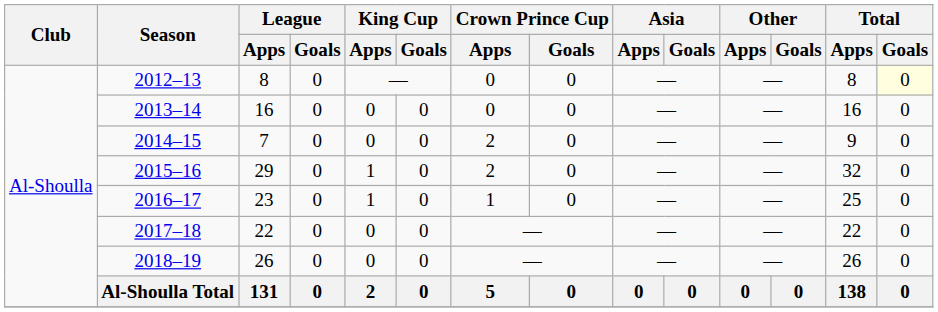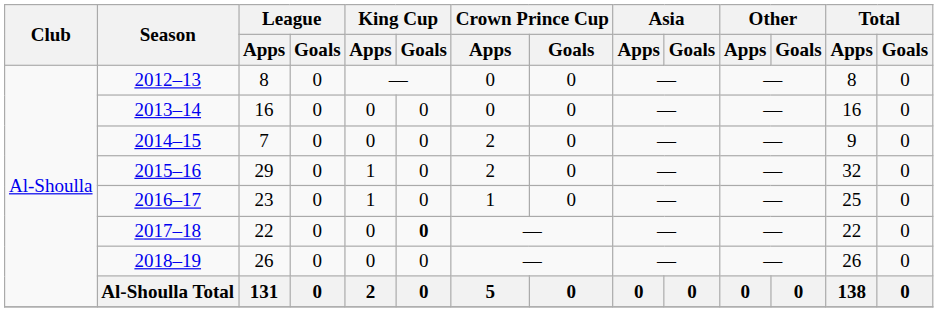 <table class="wikitable" style="text-align: center">
 <tr>
 <th rowspan=2>Club</th>
 <th rowspan=2>Season</th>
 <th colspan=2>League</th>
 <th colspan=2>King Cup</th>
 <th colspan=2>Crown Prince Cup</th>
 <th colspan=2>Asia</th>
 <th colspan=2>Other</th>
 <th colspan=2>Total</th>
 </tr>
 <tr>
 <th>Apps</th>
 <th>Goals</th>
 <th>Apps</th>
 <th>Goals</th>
 <th>Apps</th>
 <th>Goals</th>
 <th>Apps</th>
 <th>Goals</th>
 <th>Apps</th>
 <th>Goals</th>
 <th>Apps</th>
 <th>Goals</th>
 </tr>
 <tr>
 <td rowspan=8><a href='#'>Al-Shoulla</a></td>
 <td><a href='#'>2012–13</a></td>
 <td>8</td>
 <td>0</td>
 <td colspan=2>—</td>
 <td>0</td>
 <td>0</td>
 <td colspan=2>—</td>
 <td colspan=2>—</td>
 <td>8</td>
-<td style="background: lightyellow;">0</td>
+<td>0</td>
 </tr>
 <tr>
 <td><a href='#'>2013–14</a></td>
 <td>16</td>
 <td>0</td>
 <td>0</td>
 <td>0</td>
 <td>0</td>
 <td>0</td>
 <td colspan=2>—</td>
 <td colspan=2>—</td>
 <td>16</td>
 <td>0</td>
 </tr>
 <tr>
 <td><a href='#'>2014–15</a></td>
 <td>7</td>
 <td>0</td>
 <td>0</td>
 <td>0</td>
 <td>2</td>
 <td>0</td>
 <td colspan=2>—</td>
 <td colspan=2>—</td>
 <td>9</td>
 <td>0</td>
 </tr>
 <tr>
 <td><a href='#'>2015–16</a></td>
 <td>29</td>
 <td>0</td>
 <td>1</td>
 <td>0</td>
 <td>2</td>
 <td>0</td>
 <td colspan=2>—</td>
 <td colspan=2>—</td>
 <td>32</td>
 <td>0</td>
 </tr>
 <tr>
 <td><a href='#'>2016–17</a></td>
 <td>23</td>
 <td>0</td>
 <td>1</td>
 <td>0</td>
 <td>1</td>
 <td>0</td>
 <td colspan=2>—</td>
 <td colspan=2>—</td>
 <td>25</td>
 <td>0</td>
 </tr>
 <tr>
 <td><a href='#'>2017–18</a></td>
 <td>22</td>
 <td>0</td>
 <td>0</td>
-<td>0</td>
+<td><strong>0</strong></td>
 <td colspan=2>—</td>
 <td colspan=2>—</td>
 <td colspan=2>—</td>
 <td>22</td>
 <td>0</td>
 </tr>
 <tr>
 <td><a href='#'>2018–19</a></td>
 <td>26</td>
 <td>0</td>
 <td>0</td>
 <td>0</td>
 <td colspan=2>—</td>
 <td colspan=2>—</td>
 <td colspan=2>—</td>
 <td>26</td>
 <td>0</td>
 </tr>
 <tr>
 <th>Al-Shoulla Total</th>
 <th>131</th>
 <th>0</th>
 <th>2</th>
 <th>0</th>
 <th>5</th>
 <th>0</th>
 <th>0</th>
 <th>0</th>
 <th>0</th>
 <th>0</th>
 <th>138</th>
 <th>0</th>
 </tr>
 <tr>
 </tr>
 </table>
